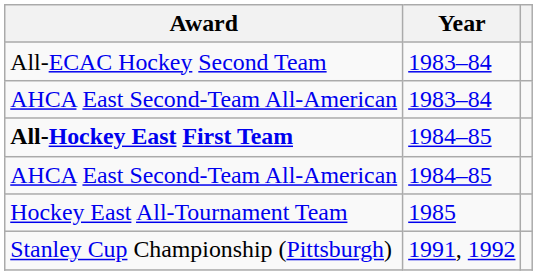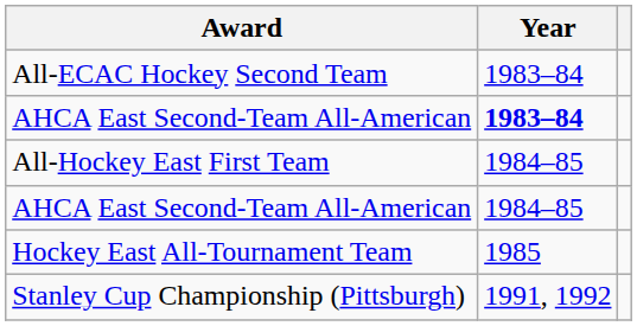 <table class="wikitable">
 <tr>
 <th>Award</th>
 <th>Year</th>
 <th></th>
 </tr>
 <tr>
 <td>All-<a href='#'>ECAC Hockey</a> <a href='#'>Second Team</a></td>
 <td><a href='#'>1983–84</a></td>
 <td></td>
 </tr>
 <tr>
 <td><a href='#'>AHCA</a> <a href='#'>East Second-Team All-American</a></td>
-<td><a href='#'>1983–84</a></td>
+<td><strong><a href='#'>1983–84</a></strong></td>
 <td></td>
 </tr>
 <tr>
-<td><strong>All-<a href='#'>Hockey East</a> <a href='#'>First Team</a></strong></td>
+<td>All-<a href='#'>Hockey East</a> <a href='#'>First Team</a></td>
 <td><a href='#'>1984–85</a></td>
 <td></td>
 </tr>
 <tr>
 <td><a href='#'>AHCA</a> <a href='#'>East Second-Team All-American</a></td>
 <td><a href='#'>1984–85</a></td>
 <td></td>
 </tr>
 <tr>
 <td><a href='#'>Hockey East</a> <a href='#'>All-Tournament Team</a></td>
 <td><a href='#'>1985</a></td>
 <td></td>
 </tr>
 <tr>
 <td><a href='#'>Stanley Cup</a>  Championship (<a href='#'>Pittsburgh</a>)</td>
 <td><a href='#'>1991</a>, <a href='#'>1992</a></td>
 <td></td>
 </tr>
 </table>
